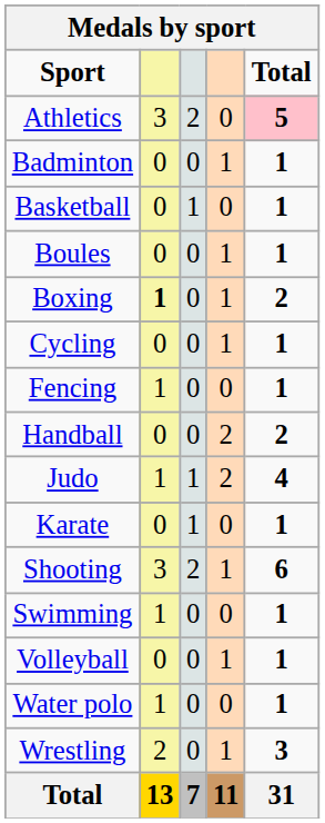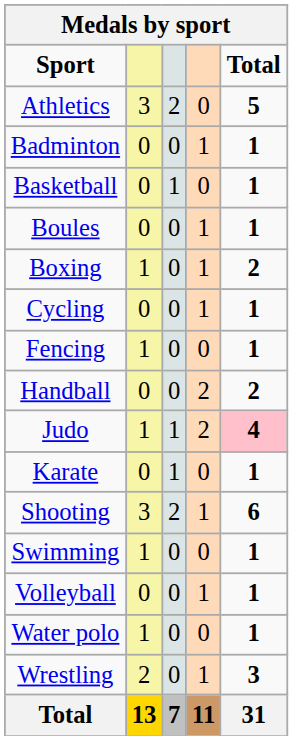 <table class="wikitable" style="font-size:85%">
 <tr style="background:#efefef;">
 <th colspan=7><strong>Medals by sport</strong></th>
 </tr>
 <tr align=center>
 <td><strong>Sport</strong></td>
 <td bgcolor=#f7f6a8></td>
 <td bgcolor=#dce5e5></td>
 <td bgcolor=#ffdab9></td>
 <td><strong>Total</strong></td>
 </tr>
 <tr align=center>
 <td><a href='#'>Athletics</a></td>
 <td style="background:#F7F6A8;">3</td>
 <td style="background:#DCE5E5;">2</td>
 <td style="background:#FFDAB9;">0</td>
-<td style="background: pink;"><strong>5</strong></td>
+<td><strong>5</strong></td>
 </tr>
 <tr align=center>
 <td><a href='#'>Badminton</a></td>
 <td style="background:#F7F6A8;">0</td>
 <td style="background:#DCE5E5;">0</td>
 <td style="background:#FFDAB9;">1</td>
 <td><strong>1</strong></td>
 </tr>
 <tr align=center>
 <td><a href='#'>Basketball</a></td>
 <td style="background:#F7F6A8;">0</td>
 <td style="background:#DCE5E5;">1</td>
 <td style="background:#FFDAB9;">0</td>
 <td><strong>1</strong></td>
 </tr>
 <tr align=center>
 <td><a href='#'>Boules</a></td>
 <td style="background:#F7F6A8;">0</td>
 <td style="background:#DCE5E5;">0</td>
 <td style="background:#FFDAB9;">1</td>
 <td><strong>1</strong></td>
 </tr>
 <tr align=center>
 <td><a href='#'>Boxing</a></td>
-<td style="background:#F7F6A8;"><strong>1</strong></td>
+<td style="background:#F7F6A8;">1</td>
 <td style="background:#DCE5E5;">0</td>
 <td style="background:#FFDAB9;">1</td>
 <td><strong>2</strong></td>
 </tr>
 <tr align=center>
 <td><a href='#'>Cycling</a></td>
 <td style="background:#F7F6A8;">0</td>
 <td style="background:#DCE5E5;">0</td>
 <td style="background:#FFDAB9;">1</td>
 <td><strong>1</strong></td>
 </tr>
 <tr align=center>
 <td><a href='#'>Fencing</a></td>
 <td style="background:#F7F6A8;">1</td>
 <td style="background:#DCE5E5;">0</td>
 <td style="background:#FFDAB9;">0</td>
 <td><strong>1</strong></td>
 </tr>
 <tr align=center>
 <td><a href='#'>Handball</a></td>
 <td style="background:#F7F6A8;">0</td>
 <td style="background:#DCE5E5;">0</td>
 <td style="background:#FFDAB9;">2</td>
 <td><strong>2</strong></td>
 </tr>
 <tr align=center>
 <td><a href='#'>Judo</a></td>
 <td style="background:#F7F6A8;">1</td>
 <td style="background:#DCE5E5;">1</td>
 <td style="background:#FFDAB9;">2</td>
-<td><strong>4</strong></td>
+<td style="background: pink;"><strong>4</strong></td>
 </tr>
 <tr align=center>
 <td><a href='#'>Karate</a></td>
 <td style="background:#F7F6A8;">0</td>
 <td style="background:#DCE5E5;">1</td>
 <td style="background:#FFDAB9;">0</td>
 <td><strong>1</strong></td>
 </tr>
 <tr align=center>
 <td><a href='#'>Shooting</a></td>
 <td style="background:#F7F6A8;">3</td>
 <td style="background:#DCE5E5;">2</td>
 <td style="background:#FFDAB9;">1</td>
 <td><strong>6</strong></td>
 </tr>
 <tr align=center>
 <td><a href='#'>Swimming</a></td>
 <td style="background:#F7F6A8;">1</td>
 <td style="background:#DCE5E5;">0</td>
 <td style="background:#FFDAB9;">0</td>
 <td><strong>1</strong></td>
 </tr>
 <tr align=center>
 <td><a href='#'>Volleyball</a></td>
 <td style="background:#F7F6A8;">0</td>
 <td style="background:#DCE5E5;">0</td>
 <td style="background:#FFDAB9;">1</td>
 <td><strong>1</strong></td>
 </tr>
 <tr align=center>
 <td><a href='#'>Water polo</a></td>
 <td style="background:#F7F6A8;">1</td>
 <td style="background:#DCE5E5;">0</td>
 <td style="background:#FFDAB9;">0</td>
 <td><strong>1</strong></td>
 </tr>
 <tr align=center>
 <td><a href='#'>Wrestling</a></td>
 <td style="background:#F7F6A8;">2</td>
 <td style="background:#DCE5E5;">0</td>
 <td style="background:#FFDAB9;">1</td>
 <td><strong>3</strong></td>
 </tr>
 <tr align=center>
 <th><strong>Total</strong></th>
 <th style="background:gold;"><strong>13</strong></th>
 <th style="background:silver;"><strong>7</strong></th>
 <th style="background:#c96;"><strong>11</strong></th>
 <th><strong>31</strong></th>
 </tr>
 </table>
